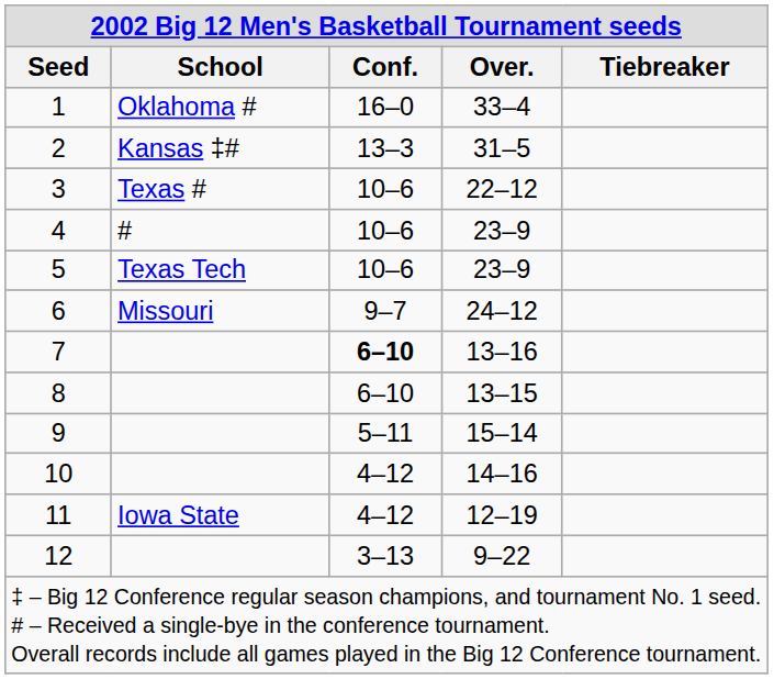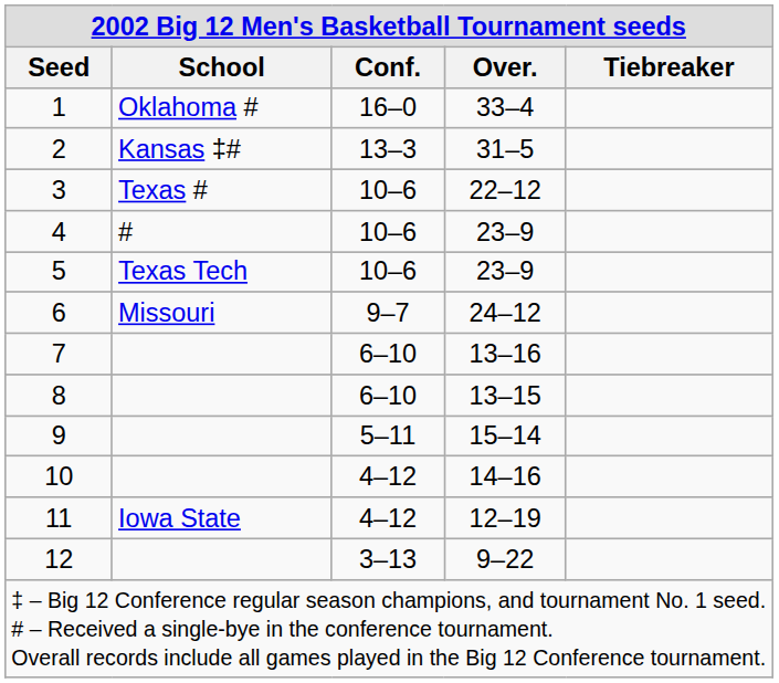 <table class="wikitable" style="white-space:nowrap; font-size:90%;text-align:center">
 <tr>
 <td colspan="10" style="text-align:center; background:#DDDDDD; font:#000000"><strong><a href='#'>2002 Big 12 Men's Basketball Tournament seeds</a></strong></td>
 </tr>
 <tr bgcolor="#efefef">
 <th>Seed</th>
 <th>School</th>
 <th>Conf.</th>
 <th>Over.</th>
 <th>Tiebreaker</th>
 </tr>
 <tr>
 <td>1</td>
 <td align=left><a href='#'>Oklahoma</a> #</td>
 <td>16–0</td>
 <td>33–4</td>
 <td></td>
 </tr>
 <tr>
 <td>2</td>
 <td align=left><a href='#'>Kansas</a> ‡#</td>
 <td>13–3</td>
 <td>31–5</td>
 <td></td>
 </tr>
 <tr>
 <td>3</td>
 <td align=left><a href='#'>Texas</a> #</td>
 <td>10–6</td>
 <td>22–12</td>
 <td></td>
 </tr>
 <tr>
 <td>4</td>
 <td align=left> #</td>
 <td>10–6</td>
 <td>23–9</td>
 <td></td>
 </tr>
 <tr>
 <td>5</td>
 <td align=left><a href='#'>Texas Tech</a></td>
 <td>10–6</td>
 <td>23–9</td>
 <td></td>
 </tr>
 <tr>
 <td>6</td>
 <td align=left><a href='#'>Missouri</a></td>
 <td>9–7</td>
 <td>24–12</td>
 <td></td>
 </tr>
 <tr>
 <td>7</td>
 <td align=left></td>
-<td><strong>6–10</strong></td>
+<td>6–10</td>
 <td>13–16</td>
 <td></td>
 </tr>
 <tr>
 <td>8</td>
 <td align=left></td>
 <td>6–10</td>
 <td>13–15</td>
 <td></td>
 </tr>
 <tr>
 <td>9</td>
 <td align=left></td>
 <td>5–11</td>
 <td>15–14</td>
 <td></td>
 </tr>
 <tr>
 <td>10</td>
 <td align=left></td>
 <td>4–12</td>
 <td>14–16</td>
 <td></td>
 </tr>
 <tr>
 <td>11</td>
 <td align=left><a href='#'>Iowa State</a></td>
 <td>4–12</td>
 <td>12–19</td>
 <td></td>
 </tr>
 <tr>
 <td>12</td>
 <td align=left></td>
 <td>3–13</td>
 <td>9–22</td>
 <td></td>
 </tr>
 <tr>
 <td colspan="10" style="text-align:left;"><small>‡ – Big 12 Conference regular season champions, and tournament No. 1 seed.<br># – Received a single-bye in the conference tournament.<br>Overall records include all games played in the Big 12 Conference tournament.</small></td>
 </tr>
 </table>
